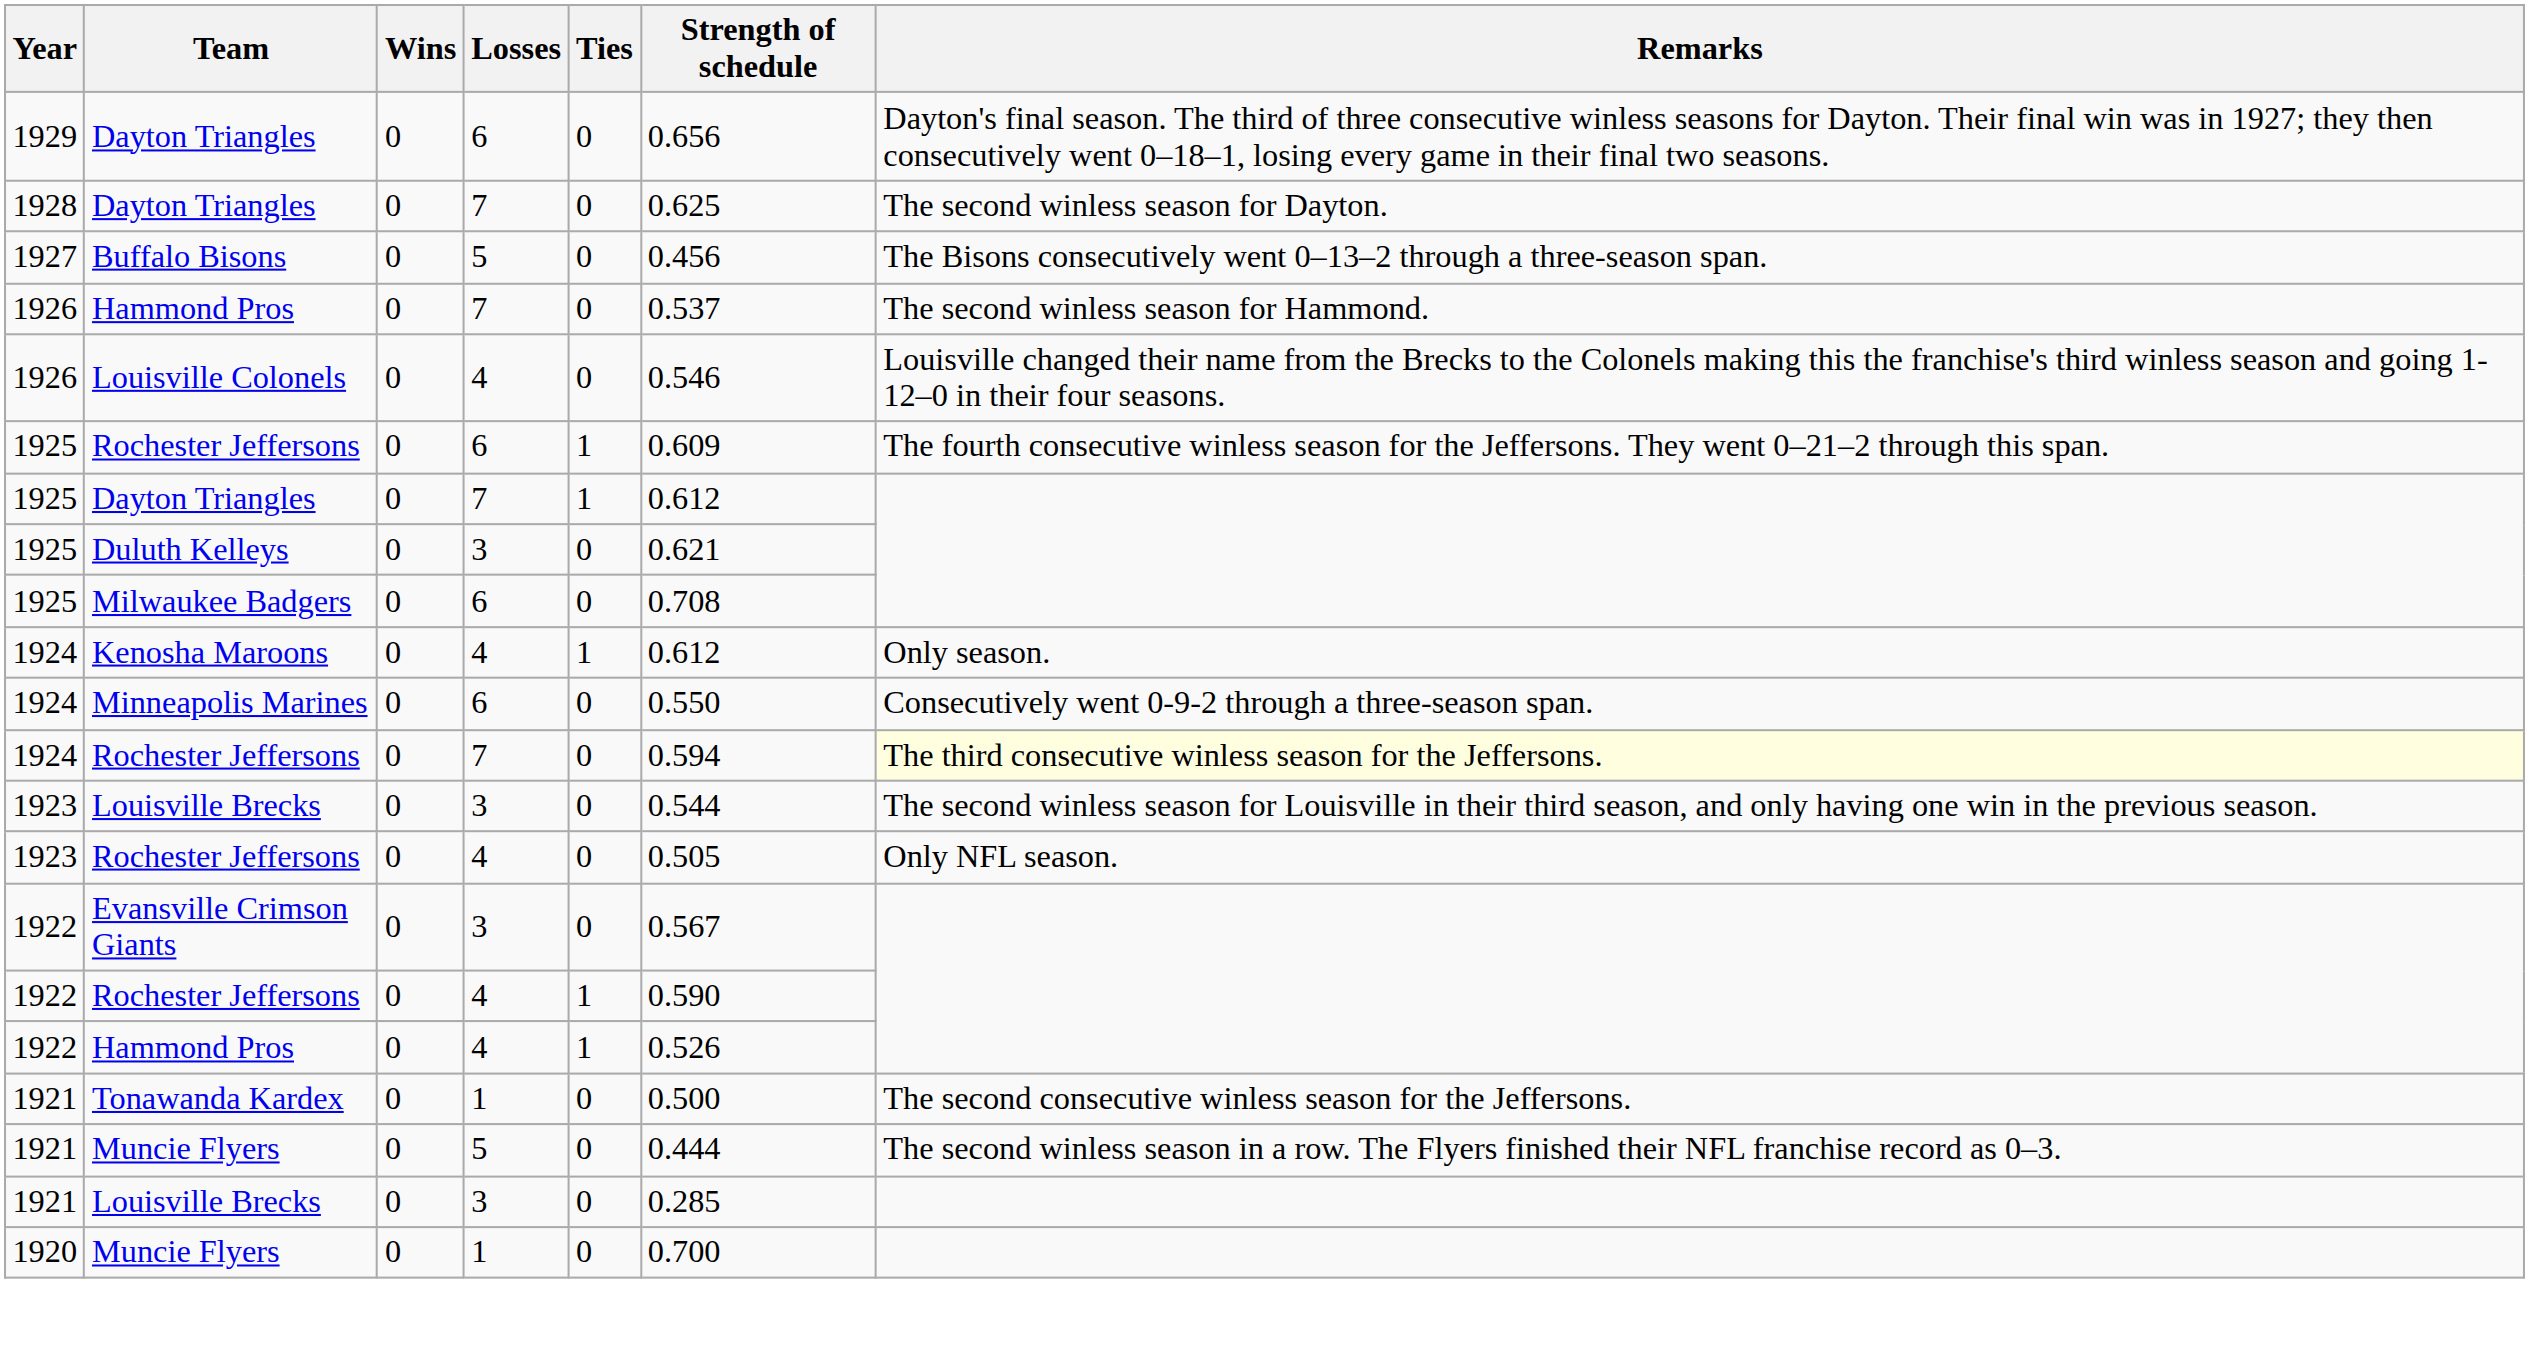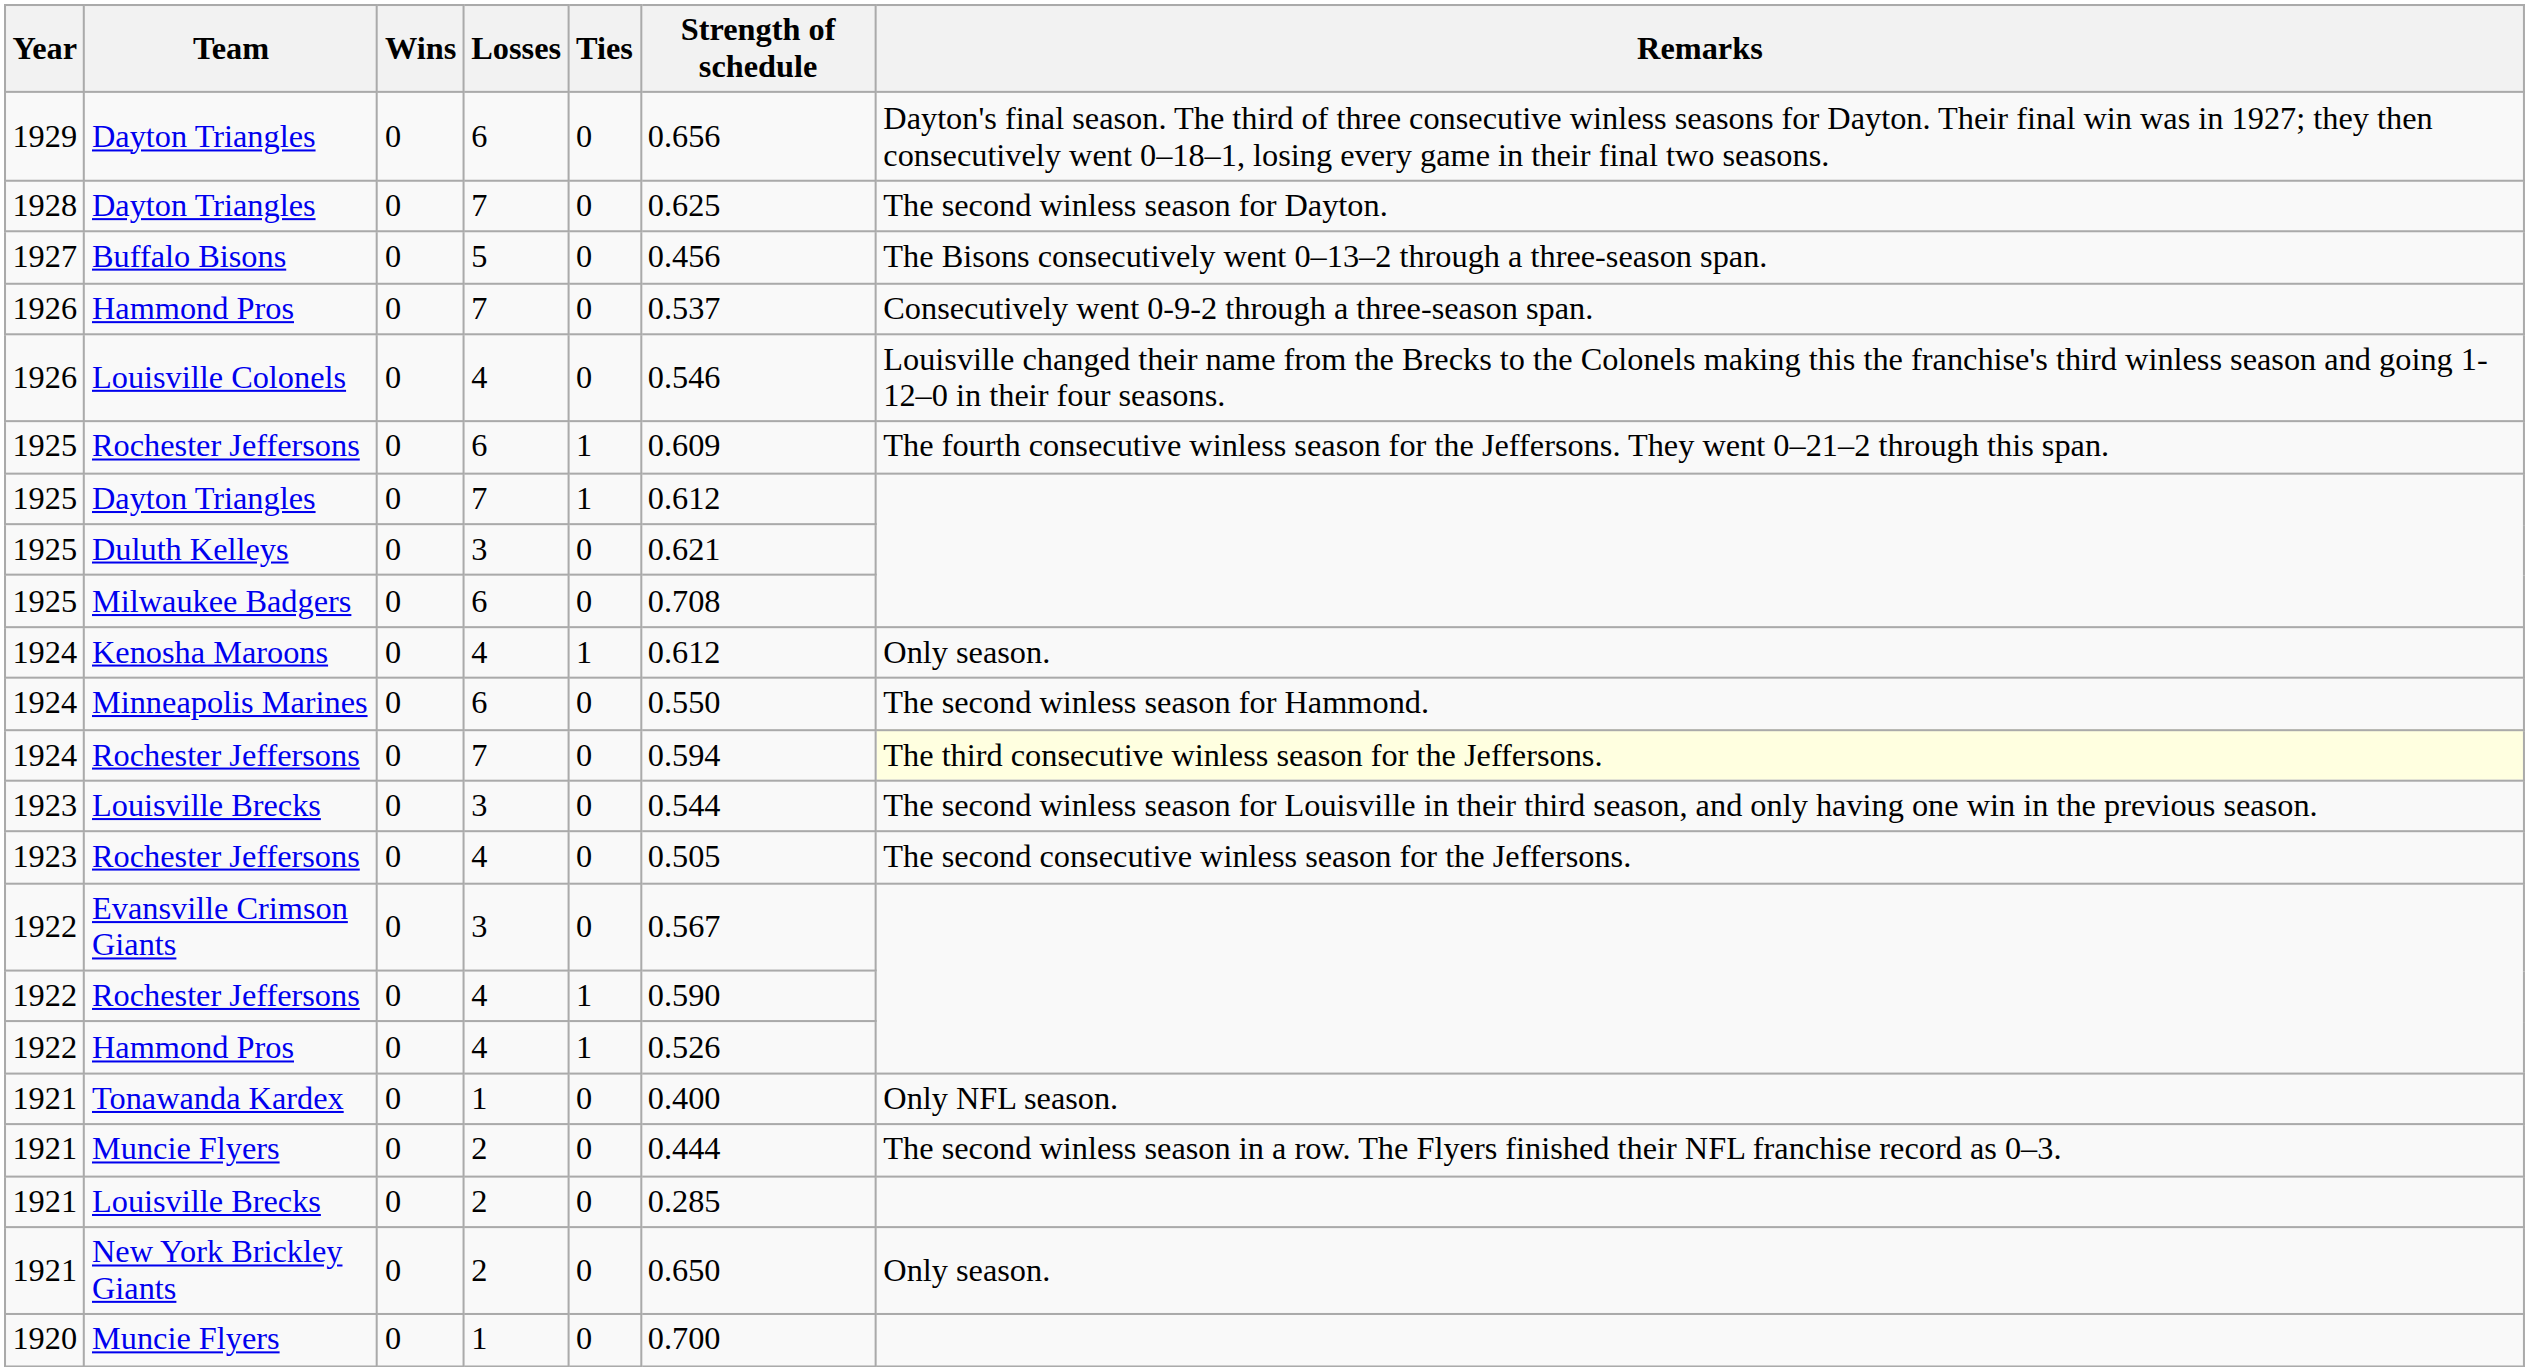 <table class="wikitable">
 <tr>
 <th>Year</th>
 <th>Team</th>
 <th>Wins</th>
 <th>Losses</th>
 <th>Ties</th>
 <th>Strength of schedule</th>
 <th>Remarks</th>
 </tr>
 <tr>
 <td>1929</td>
 <td><a href='#'>Dayton Triangles</a></td>
 <td>0</td>
 <td>6</td>
 <td>0</td>
 <td>0.656</td>
 <td>Dayton's final season. The third of three consecutive winless seasons for Dayton. Their final win was in 1927; they then consecutively went 0–18–1, losing every game in their final two seasons.</td>
 </tr>
 <tr>
 <td>1928</td>
 <td><a href='#'>Dayton Triangles</a></td>
 <td>0</td>
 <td>7</td>
 <td>0</td>
 <td>0.625</td>
 <td>The second winless season for Dayton.</td>
 </tr>
 <tr>
 <td>1927</td>
 <td><a href='#'>Buffalo Bisons</a></td>
 <td>0</td>
 <td>5</td>
 <td>0</td>
 <td>0.456</td>
 <td>The Bisons consecutively went 0–13–2 through a three-season span.</td>
 </tr>
 <tr>
 <td>1926</td>
 <td><a href='#'>Hammond Pros</a></td>
 <td>0</td>
 <td>7</td>
 <td>0</td>
 <td>0.537</td>
-<td>The second winless season for Hammond.</td>
+<td>Consecutively went 0-9-2 through a three-season span.</td>
 </tr>
 <tr>
 <td>1926</td>
 <td><a href='#'>Louisville Colonels</a></td>
 <td>0</td>
 <td>4</td>
 <td>0</td>
 <td>0.546</td>
 <td>Louisville changed their name from the Brecks to the Colonels making this the franchise's third winless season and going 1-12–0 in their four seasons.</td>
 </tr>
 <tr>
 <td>1925</td>
 <td><a href='#'>Rochester Jeffersons</a></td>
 <td>0</td>
 <td>6</td>
 <td>1</td>
 <td>0.609</td>
 <td>The fourth consecutive winless season for the Jeffersons. They went 0–21–2 through this span.</td>
 </tr>
 <tr>
 <td>1925</td>
 <td><a href='#'>Dayton Triangles</a></td>
 <td>0</td>
 <td>7</td>
 <td>1</td>
 <td>0.612</td>
 </tr>
 <tr>
 <td>1925</td>
 <td><a href='#'>Duluth Kelleys</a></td>
 <td>0</td>
 <td>3</td>
 <td>0</td>
 <td>0.621</td>
 </tr>
 <tr>
 <td>1925</td>
 <td><a href='#'>Milwaukee Badgers</a></td>
 <td>0</td>
 <td>6</td>
 <td>0</td>
 <td>0.708</td>
 </tr>
 <tr>
 <td>1924</td>
 <td><a href='#'>Kenosha Maroons</a></td>
 <td>0</td>
 <td>4</td>
 <td>1</td>
 <td>0.612</td>
 <td>Only season.</td>
 </tr>
 <tr>
 <td>1924</td>
 <td><a href='#'>Minneapolis Marines</a></td>
 <td>0</td>
 <td>6</td>
 <td>0</td>
 <td>0.550</td>
-<td>Consecutively went 0-9-2 through a three-season span.</td>
+<td>The second winless season for Hammond.</td>
 </tr>
 <tr>
 <td>1924</td>
 <td><a href='#'>Rochester Jeffersons</a></td>
 <td>0</td>
 <td>7</td>
 <td>0</td>
 <td>0.594</td>
 <td style="background: lightyellow;">The third consecutive winless season for the Jeffersons.</td>
 </tr>
 <tr>
 <td>1923</td>
 <td><a href='#'>Louisville Brecks</a></td>
 <td>0</td>
 <td>3</td>
 <td>0</td>
 <td>0.544</td>
 <td>The second winless season for Louisville in their third season, and only having one win in the previous season.</td>
 </tr>
 <tr>
 <td>1923</td>
 <td><a href='#'>Rochester Jeffersons</a></td>
 <td>0</td>
 <td>4</td>
 <td>0</td>
 <td>0.505</td>
-<td>Only NFL season.</td>
+<td>The second consecutive winless season for the Jeffersons.</td>
 </tr>
 <tr>
 <td>1922</td>
 <td><a href='#'>Evansville Crimson Giants</a></td>
 <td>0</td>
 <td>3</td>
 <td>0</td>
 <td>0.567</td>
 </tr>
 <tr>
 <td>1922</td>
 <td><a href='#'>Rochester Jeffersons</a></td>
 <td>0</td>
 <td>4</td>
 <td>1</td>
 <td>0.590</td>
 </tr>
 <tr>
 <td>1922</td>
 <td><a href='#'>Hammond Pros</a></td>
 <td>0</td>
 <td>4</td>
 <td>1</td>
 <td>0.526</td>
 </tr>
 <tr>
 <td>1921</td>
 <td><a href='#'>Tonawanda Kardex</a></td>
 <td>0</td>
 <td>1</td>
 <td>0</td>
-<td>0.500</td>
-<td>The second consecutive winless season for the Jeffersons.</td>
+<td>0.400</td>
+<td>Only NFL season.</td>
 </tr>
 <tr>
 <td>1921</td>
 <td><a href='#'>Muncie Flyers</a></td>
 <td>0</td>
-<td>5</td>
+<td>2</td>
 <td>0</td>
 <td>0.444</td>
 <td>The second winless season in a row. The Flyers finished their NFL franchise record as 0–3.</td>
 </tr>
 <tr>
 <td>1921</td>
 <td><a href='#'>Louisville Brecks</a></td>
 <td>0</td>
-<td>3</td>
+<td>2</td>
 <td>0</td>
 <td>0.285</td>
 <td></td>
+</tr>
+<tr>
+<td>1921</td>
+<td><a href='#'>New York Brickley Giants</a></td>
+<td>0</td>
+<td>2</td>
+<td>0</td>
+<td>0.650</td>
+<td>Only season.</td>
 </tr>
 <tr>
 <td>1920</td>
 <td><a href='#'>Muncie Flyers</a></td>
 <td>0</td>
 <td>1</td>
 <td>0</td>
 <td>0.700</td>
 </tr>
 </table>
